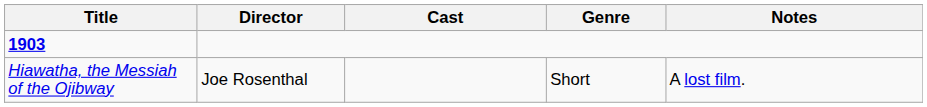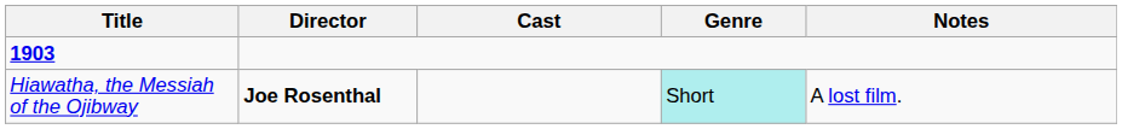 <table class="wikitable sortable" style="width:100%;">
 <tr>
 <th style="width:21%;">Title</th>
 <th style="width:16%;">Director</th>
 <th style="width:22%;" class="unsortable">Cast</th>
 <th style="width:13%;">Genre</th>
 <th style="width:28%;" class="unsortable">Notes</th>
 </tr>
 <tr>
 <td><strong><a href='#'>1903</a></strong></td>
 </tr>
 <tr>
 <td><em><a href='#'>Hiawatha, the Messiah of the Ojibway</a></em></td>
-<td>Joe Rosenthal</td>
+<td><strong>Joe Rosenthal</strong></td>
 <td></td>
-<td>Short</td>
+<td style="background: paleturquoise;">Short</td>
 <td>A <a href='#'>lost film</a>.</td>
 </tr>
 </table>
